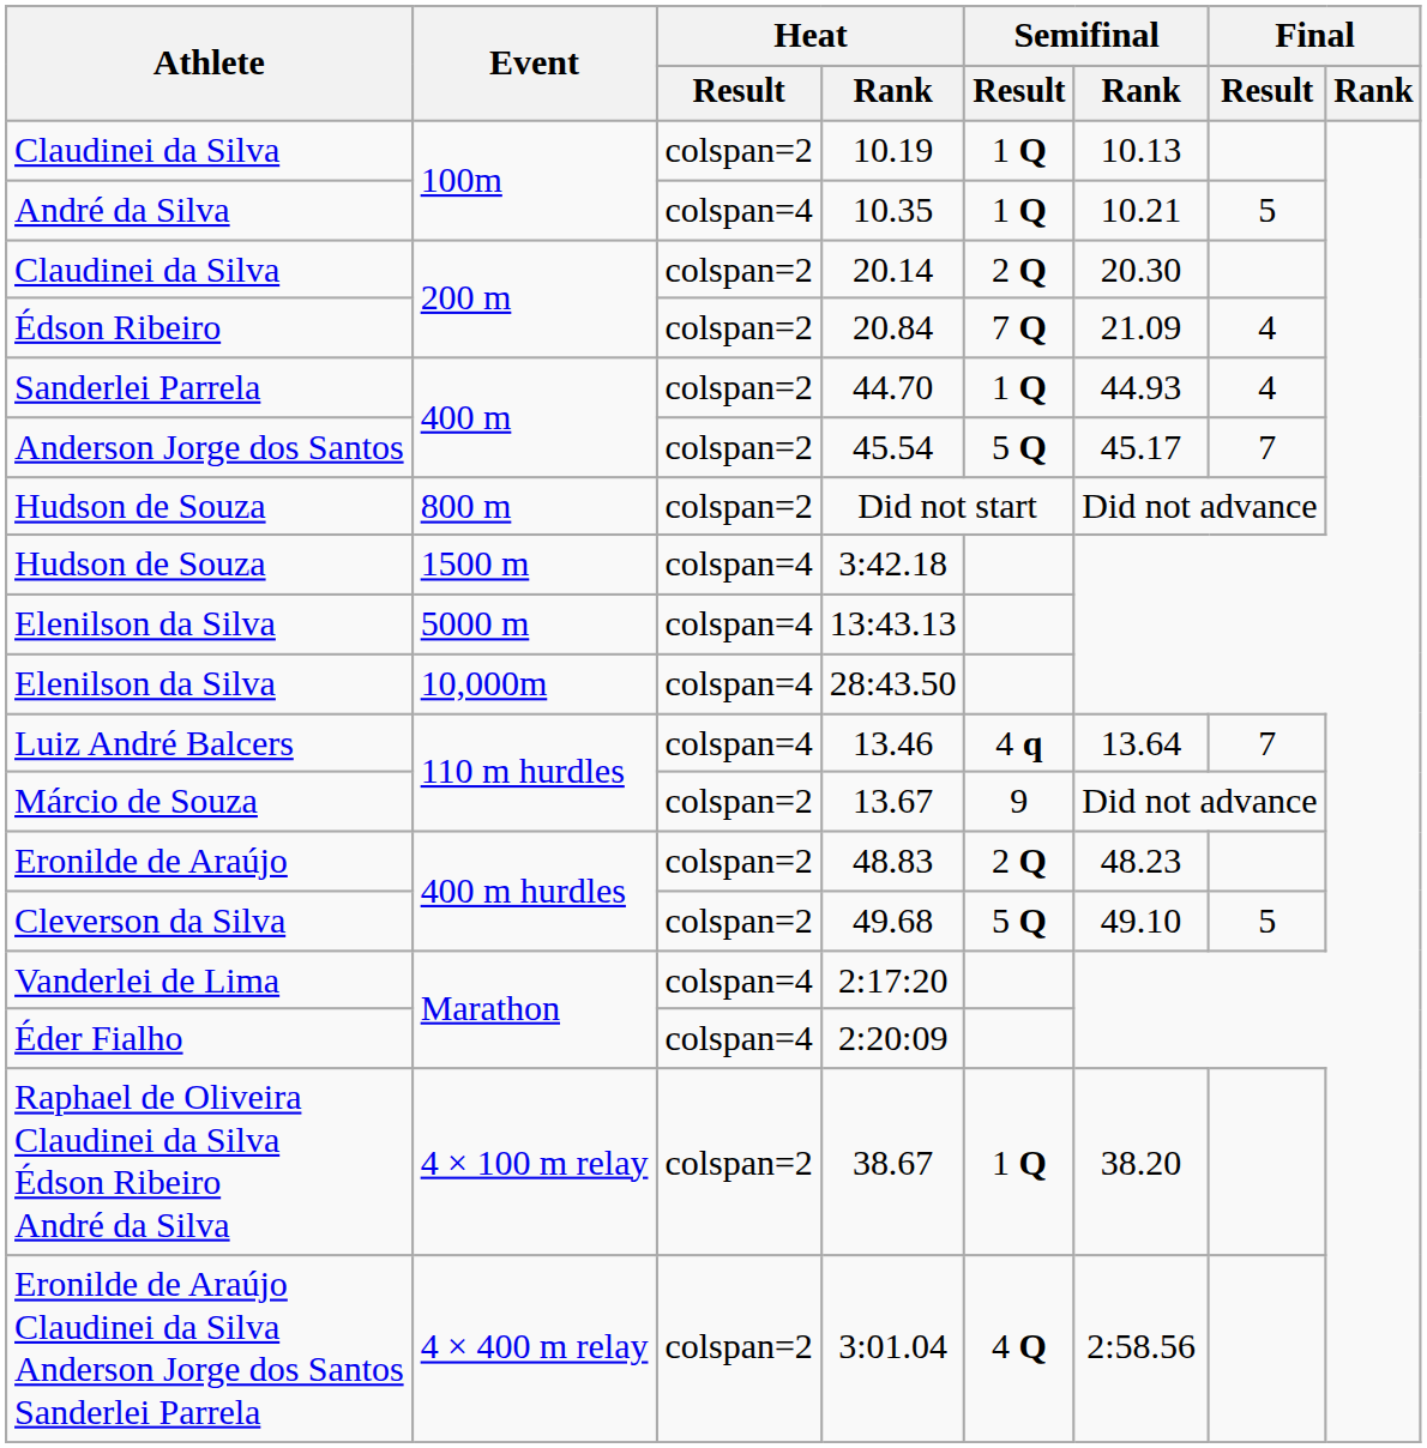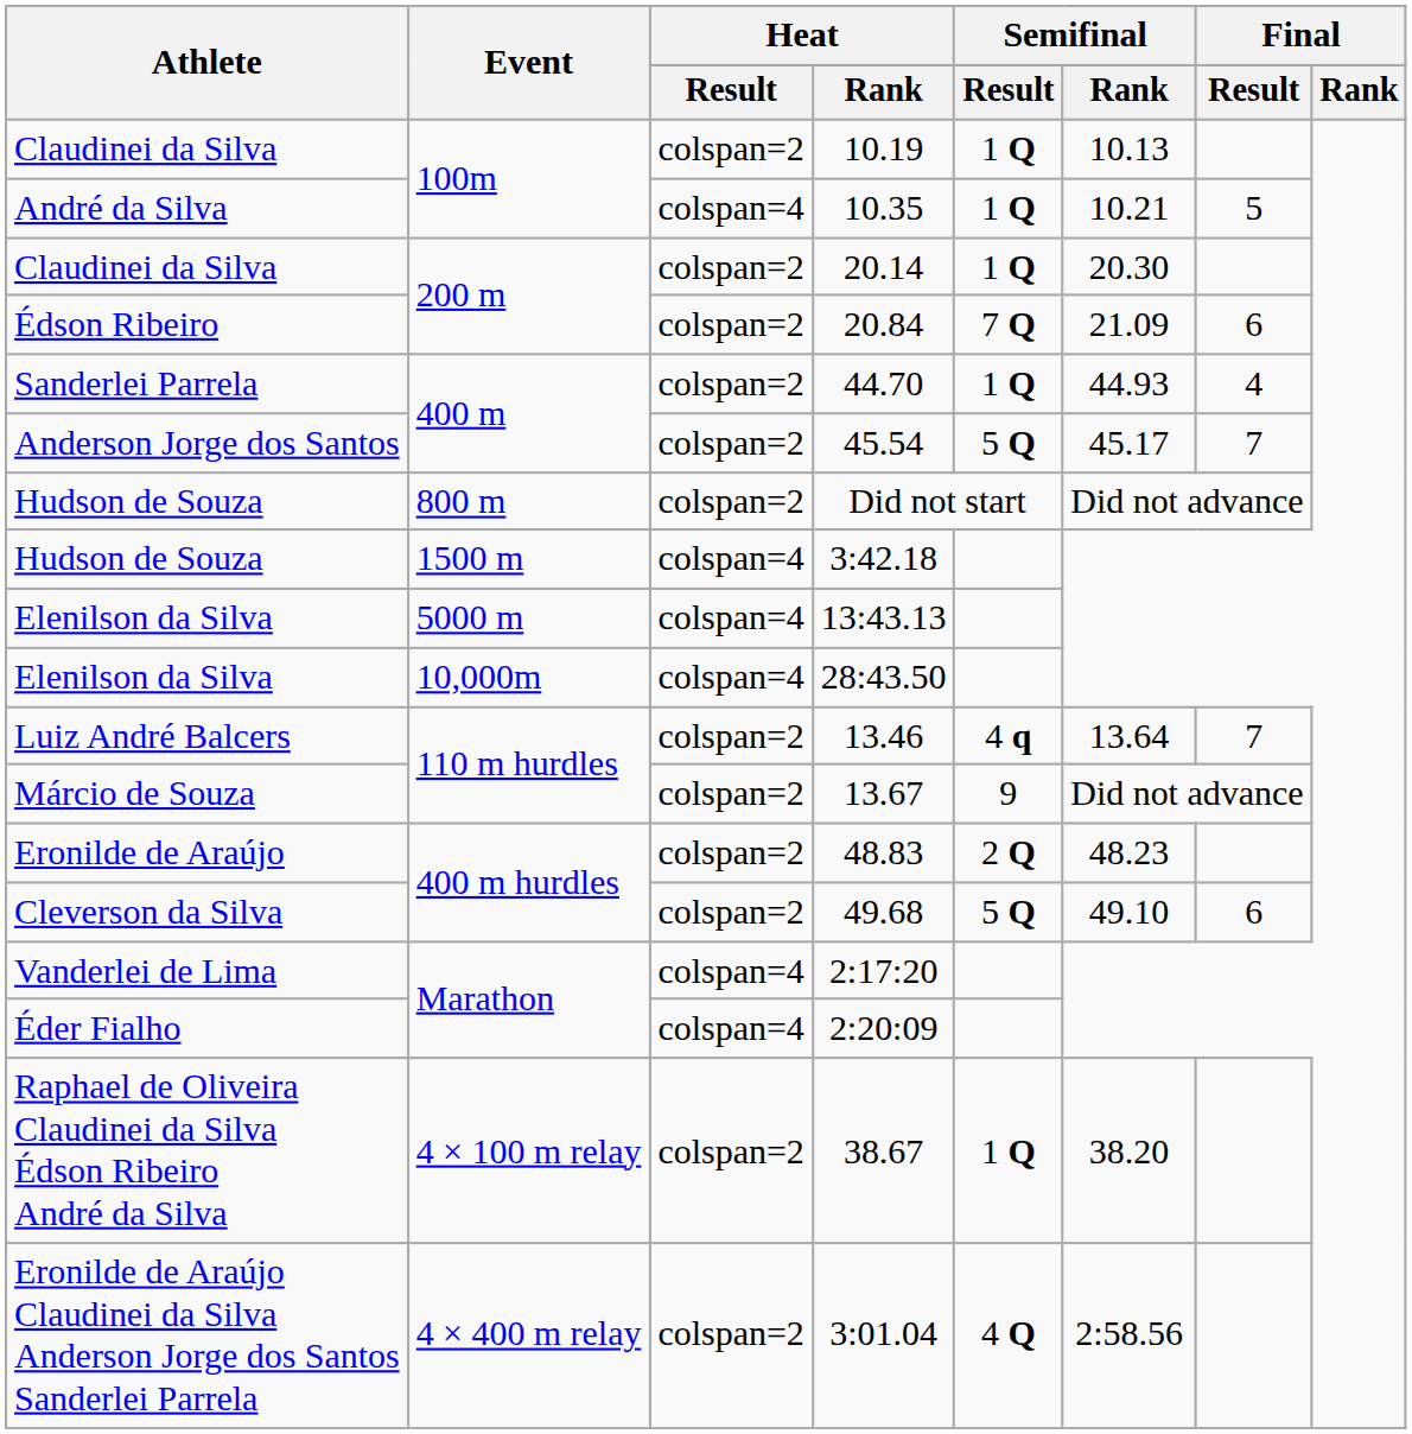 <table class="wikitable" style="font-size:90%">
 <tr>
 <th rowspan="2">Athlete</th>
 <th rowspan="2">Event</th>
 <th colspan="2">Heat</th>
 <th colspan="2">Semifinal</th>
 <th colspan="2">Final</th>
 </tr>
 <tr style="font-size:95%">
 <th>Result</th>
 <th>Rank</th>
 <th>Result</th>
 <th>Rank</th>
 <th>Result</th>
 <th>Rank</th>
 </tr>
 <tr align=center>
 <td align=left><a href='#'>Claudinei da Silva</a></td>
 <td align=left rowspan=2><a href='#'>100m</a></td>
 <td>colspan=2 </td>
 <td>10.19</td>
 <td>1 <strong>Q</strong></td>
 <td>10.13</td>
 <td></td>
 </tr>
 <tr align=center>
 <td align=left><a href='#'>André da Silva</a></td>
 <td>colspan=4 </td>
 <td>10.35</td>
 <td>1 <strong>Q</strong></td>
 <td>10.21</td>
 <td>5</td>
 </tr>
 <tr align=center>
 <td align=left><a href='#'>Claudinei da Silva</a></td>
 <td align=left rowspan=2><a href='#'>200 m</a></td>
 <td>colspan=2 </td>
 <td>20.14</td>
-<td>2 <strong>Q</strong></td>
+<td>1 <strong>Q</strong></td>
 <td>20.30</td>
 <td></td>
 </tr>
 <tr align=center>
 <td align=left><a href='#'>Édson Ribeiro</a></td>
 <td>colspan=2 </td>
 <td>20.84</td>
 <td>7 <strong>Q</strong></td>
 <td>21.09</td>
-<td>4</td>
+<td>6</td>
 </tr>
 <tr align=center>
 <td align=left><a href='#'>Sanderlei Parrela</a></td>
 <td align=left rowspan=2><a href='#'>400 m</a></td>
 <td>colspan=2 </td>
 <td>44.70</td>
 <td>1 <strong>Q</strong></td>
 <td>44.93</td>
 <td>4</td>
 </tr>
 <tr align=center>
 <td align=left><a href='#'>Anderson Jorge dos Santos</a></td>
 <td>colspan=2 </td>
 <td>45.54</td>
 <td>5 <strong>Q</strong></td>
 <td>45.17</td>
 <td>7</td>
 </tr>
 <tr align=center>
 <td align=left><a href='#'>Hudson de Souza</a></td>
 <td align=left><a href='#'>800 m</a></td>
 <td>colspan=2 </td>
 <td colspan=2>Did not start</td>
 <td colspan=2>Did not advance</td>
 </tr>
 <tr align=center>
 <td align=left><a href='#'>Hudson de Souza</a></td>
 <td align=left rowspan=1><a href='#'>1500 m</a></td>
 <td>colspan=4 </td>
 <td>3:42.18</td>
 <td></td>
 </tr>
 <tr align=center>
 <td align=left><a href='#'>Elenilson da Silva</a></td>
 <td align=left><a href='#'>5000 m</a></td>
 <td>colspan=4 </td>
 <td>13:43.13</td>
 <td></td>
 </tr>
 <tr align=center>
 <td align=left><a href='#'>Elenilson da Silva</a></td>
 <td align=left rowspan=1><a href='#'>10,000m</a></td>
 <td>colspan=4 </td>
 <td>28:43.50</td>
 <td></td>
 </tr>
 <tr align=center>
 <td align=left><a href='#'>Luiz André Balcers</a></td>
 <td align=left rowspan=2><a href='#'>110 m hurdles</a></td>
-<td>colspan=4 </td>
+<td>colspan=2 </td>
 <td>13.46</td>
 <td>4 <strong>q</strong></td>
 <td>13.64</td>
 <td>7</td>
 </tr>
 <tr align=center>
 <td align=left><a href='#'>Márcio de Souza</a></td>
 <td>colspan=2 </td>
 <td>13.67</td>
 <td>9</td>
 <td colspan=2>Did not advance</td>
 </tr>
 <tr align=center>
 <td align=left><a href='#'>Eronilde de Araújo</a></td>
 <td align=left rowspan=2><a href='#'>400 m hurdles</a></td>
 <td>colspan=2 </td>
 <td>48.83</td>
 <td>2 <strong>Q</strong></td>
 <td>48.23</td>
 <td></td>
 </tr>
 <tr align=center>
 <td align=left><a href='#'>Cleverson da Silva</a></td>
 <td>colspan=2 </td>
 <td>49.68</td>
 <td>5 <strong>Q</strong></td>
 <td>49.10</td>
-<td>5</td>
+<td>6</td>
 </tr>
 <tr align=center>
 <td align=left><a href='#'>Vanderlei de Lima</a></td>
 <td align=left rowspan=2><a href='#'>Marathon</a></td>
 <td>colspan=4 </td>
 <td>2:17:20</td>
 <td></td>
 </tr>
 <tr align=center>
 <td align=left><a href='#'>Éder Fialho</a></td>
 <td>colspan=4 </td>
 <td>2:20:09</td>
 <td></td>
 </tr>
 <tr align=center>
 <td align=left><a href='#'>Raphael de Oliveira</a><br><a href='#'>Claudinei da Silva</a><br><a href='#'>Édson Ribeiro</a><br><a href='#'>André da Silva</a></td>
 <td align=left><a href='#'>4 × 100 m relay</a></td>
 <td>colspan=2 </td>
 <td>38.67</td>
 <td>1 <strong>Q</strong></td>
 <td>38.20</td>
 <td></td>
 </tr>
 <tr align=center>
 <td align=left><a href='#'>Eronilde de Araújo</a><br><a href='#'>Claudinei da Silva</a><br><a href='#'>Anderson Jorge dos Santos</a><br><a href='#'>Sanderlei Parrela</a></td>
 <td align=left><a href='#'>4 × 400 m relay</a></td>
 <td>colspan=2 </td>
 <td>3:01.04</td>
 <td>4 <strong>Q</strong></td>
 <td>2:58.56</td>
 <td></td>
 </tr>
 </table>
